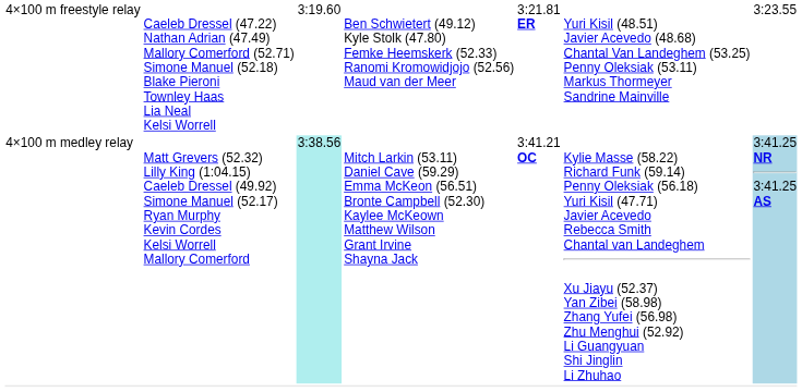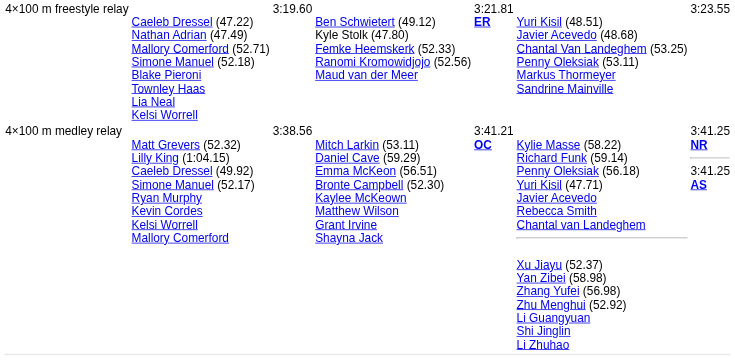 <table>
 <tr valign="top">
 <td>4×100 m freestyle relay<br><div></div></td>
 <td><br><a href='#'>Caeleb Dressel</a> (47.22)<br><a href='#'>Nathan Adrian</a> (47.49)<br><a href='#'>Mallory Comerford</a> (52.71)<br><a href='#'>Simone Manuel</a> (52.18)<br><a href='#'>Blake Pieroni</a><br><a href='#'>Townley Haas</a><br><a href='#'>Lia Neal</a><br><a href='#'>Kelsi Worrell</a></td>
 <td>3:19.60<br></td>
 <td><br><a href='#'>Ben Schwietert</a> (49.12)<br>Kyle Stolk (47.80)<br><a href='#'>Femke Heemskerk</a> (52.33)<br><a href='#'>Ranomi Kromowidjojo</a> (52.56)<br><a href='#'>Maud van der Meer</a></td>
 <td>3:21.81<br><strong><a href='#'>ER</a></strong></td>
 <td><br><a href='#'>Yuri Kisil</a> (48.51)<br><a href='#'>Javier Acevedo</a> (48.68)<br><a href='#'>Chantal Van Landeghem</a> (53.25)<br><a href='#'>Penny Oleksiak</a> (53.11)<br><a href='#'>Markus Thormeyer</a><br><a href='#'>Sandrine Mainville</a></td>
 <td>3:23.55</td>
 </tr>
 <tr valign="top">
 <td>4×100 m medley relay<br><div></div></td>
 <td><br><a href='#'>Matt Grevers</a> (52.32)<br><a href='#'>Lilly King</a> (1:04.15)<br><a href='#'>Caeleb Dressel</a> (49.92)<br><a href='#'>Simone Manuel</a> (52.17)<br><a href='#'>Ryan Murphy</a><br><a href='#'>Kevin Cordes</a><br><a href='#'>Kelsi Worrell</a><br><a href='#'>Mallory Comerford</a></td>
-<td style="background: paleturquoise;">3:38.56<br></td>
+<td>3:38.56<br></td>
 <td><br><a href='#'>Mitch Larkin</a> (53.11)<br><a href='#'>Daniel Cave</a> (59.29)<br><a href='#'>Emma McKeon</a> (56.51)<br><a href='#'>Bronte Campbell</a> (52.30)<br><a href='#'>Kaylee McKeown</a><br><a href='#'>Matthew Wilson</a><br><a href='#'>Grant Irvine</a><br><a href='#'>Shayna Jack</a></td>
 <td>3:41.21<br><strong><a href='#'>OC</a></strong></td>
 <td><br><a href='#'>Kylie Masse</a> (58.22)<br><a href='#'>Richard Funk</a> (59.14)<br><a href='#'>Penny Oleksiak</a> (56.18)<br><a href='#'>Yuri Kisil</a> (47.71)<br><a href='#'>Javier Acevedo</a><br><a href='#'>Rebecca Smith</a><br><a href='#'>Chantal van Landeghem</a><hr><br><a href='#'>Xu Jiayu</a> (52.37)<br><a href='#'>Yan Zibei</a> (58.98)<br><a href='#'>Zhang Yufei</a> (56.98)<br><a href='#'>Zhu Menghui</a> (52.92)<br><a href='#'>Li Guangyuan</a><br><a href='#'>Shi Jinglin</a><br><a href='#'>Li Zhuhao</a></td>
-<td style="background: lightblue;">3:41.25<br><strong><a href='#'>NR</a></strong><hr>3:41.25<br><strong><a href='#'>AS</a></strong></td>
+<td>3:41.25<br><strong><a href='#'>NR</a></strong><hr>3:41.25<br><strong><a href='#'>AS</a></strong></td>
 </tr>
 <tr bgcolor= e8e8e8>
 <td colspan=7></td>
 </tr>
 </table>
